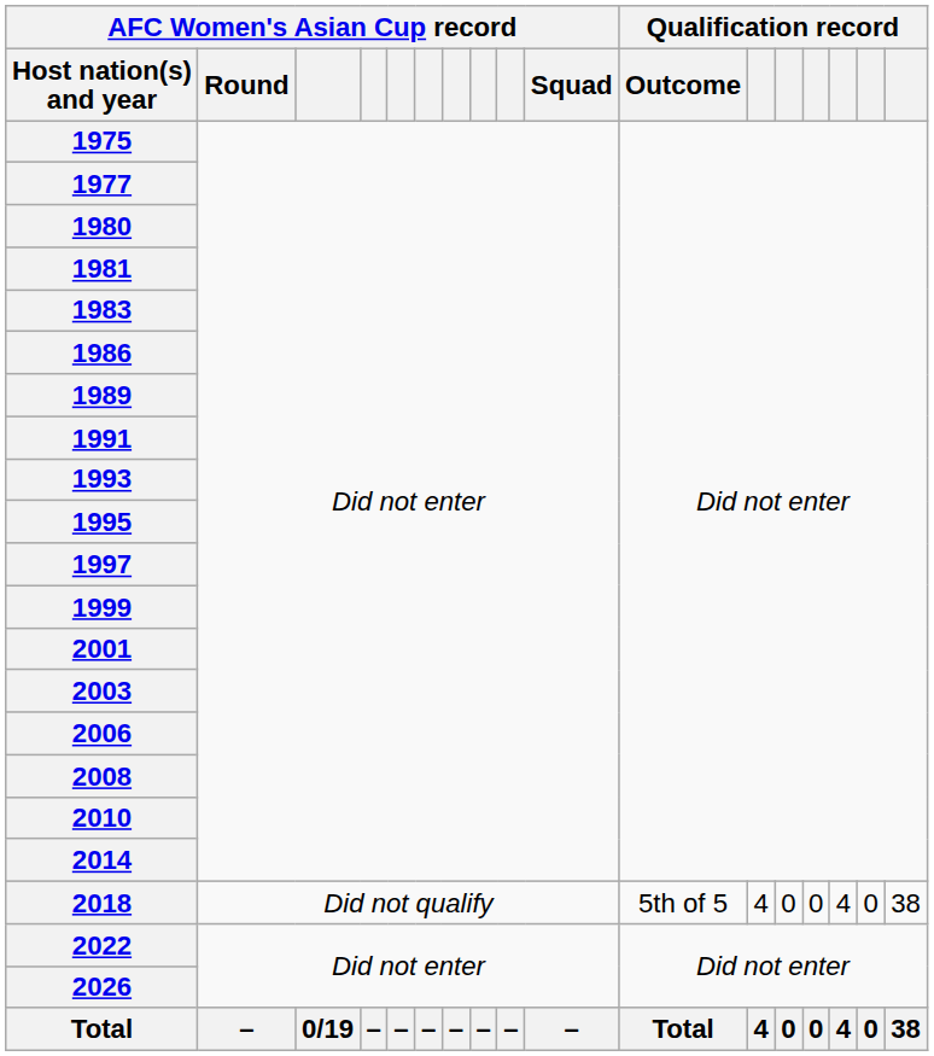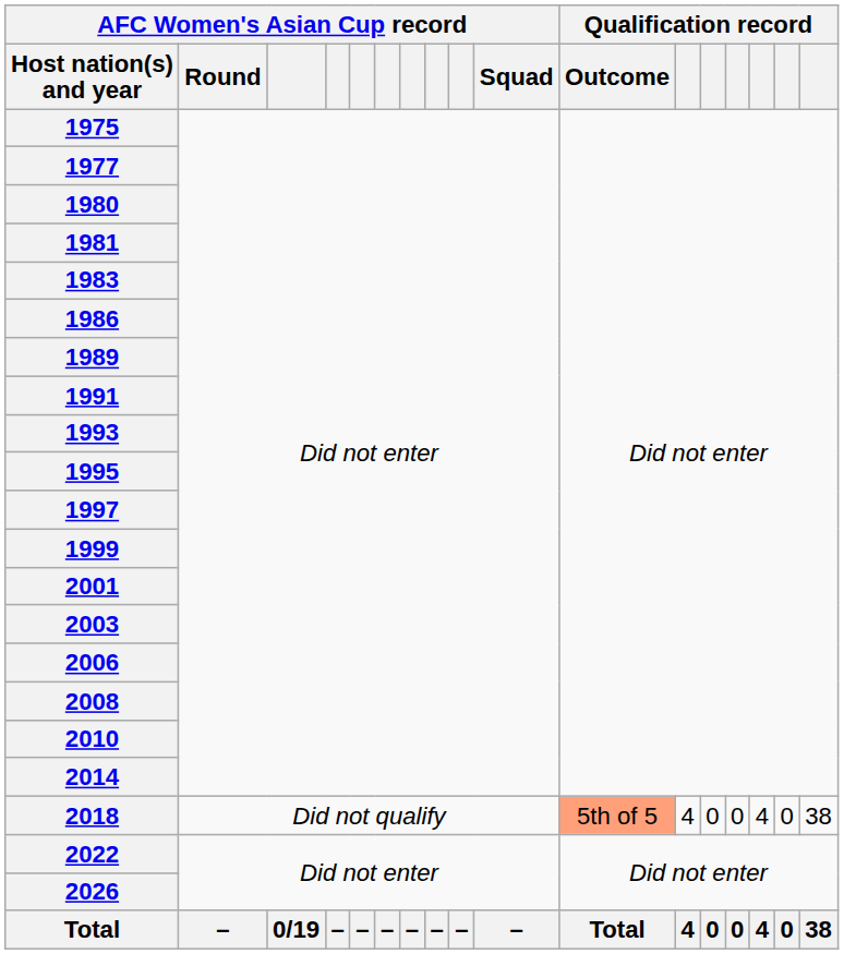 <table class="wikitable" style="font-size:90%; text-align:center;">
 <tr>
 <th style="color:   "width:1%; colspan=10><a href='#'>AFC Women's Asian Cup</a> record</th>
 <th colspan=7>Qualification record</th>
 </tr>
 <tr>
 <th scope="col">Host nation(s)<br>and year</th>
 <th scope="col">Round</th>
 <th scope="col"></th>
 <th scope="col"></th>
 <th scope="col"></th>
 <th scope="col"></th>
 <th scope="col"></th>
 <th scope="col"></th>
 <th scope="col"></th>
 <th scope="col">Squad</th>
 <th scope="col">Outcome</th>
 <th scope="col"></th>
 <th scope="col"></th>
 <th scope="col"></th>
 <th scope="col"></th>
 <th scope="col"></th>
 <th scope="col"></th>
 </tr>
 <tr>
 <th scope="row"> <a href='#'>1975</a></th>
 <td colspan="9" rowspan="18"><em>Did not enter</em></td>
 <td colspan="7" rowspan="18"><em>Did not enter</em></td>
 </tr>
 <tr>
 <th scope="row"> <a href='#'>1977</a></th>
 </tr>
 <tr>
 <th scope="row"> <a href='#'>1980</a></th>
 </tr>
 <tr>
 <th scope="row"> <a href='#'>1981</a></th>
 </tr>
 <tr>
 <th scope="row"> <a href='#'>1983</a></th>
 </tr>
 <tr>
 <th scope="row"> <a href='#'>1986</a></th>
 </tr>
 <tr>
 <th scope="row"> <a href='#'>1989</a></th>
 </tr>
 <tr>
 <th scope="row"> <a href='#'>1991</a></th>
 </tr>
 <tr>
 <th scope="row"> <a href='#'>1993</a></th>
 </tr>
 <tr>
 <th scope="row"> <a href='#'>1995</a></th>
 </tr>
 <tr>
 <th scope="row"> <a href='#'>1997</a></th>
 </tr>
 <tr>
 <th scope="row"> <a href='#'>1999</a></th>
 </tr>
 <tr>
 <th scope="row"> <a href='#'>2001</a></th>
 </tr>
 <tr>
 <th scope="row"> <a href='#'>2003</a></th>
 </tr>
 <tr>
 <th scope="row"> <a href='#'>2006</a></th>
 </tr>
 <tr>
 <th scope="row"> <a href='#'>2008</a></th>
 </tr>
 <tr>
 <th scope="row"> <a href='#'>2010</a></th>
 </tr>
 <tr>
 <th scope="row"> <a href='#'>2014</a></th>
 </tr>
 <tr>
 <th scope="row"> <a href='#'>2018</a></th>
 <td colspan="9"><em>Did not qualify</em></td>
-<td>5th of 5</td>
+<td style="background: lightsalmon;">5th of 5</td>
 <td>4</td>
 <td>0</td>
 <td>0</td>
 <td>4</td>
 <td>0</td>
 <td>38</td>
 </tr>
 <tr>
 <th scope="row"> <a href='#'>2022</a></th>
 <td rowspan="2" colspan="9"><em>Did not enter</em></td>
 <td rowspan="2" colspan="7"><em>Did not enter</em></td>
 </tr>
 <tr>
 <th scope="row"> <a href='#'>2026</a></th>
 </tr>
 <tr>
 <th>Total</th>
 <th>–</th>
 <th>0/19</th>
 <th>–</th>
 <th>–</th>
 <th>–</th>
 <th>–</th>
 <th>–</th>
 <th>–</th>
 <th>–</th>
 <th>Total</th>
 <th>4</th>
 <th>0</th>
 <th>0</th>
 <th>4</th>
 <th>0</th>
 <th>38</th>
 </tr>
 </table>
